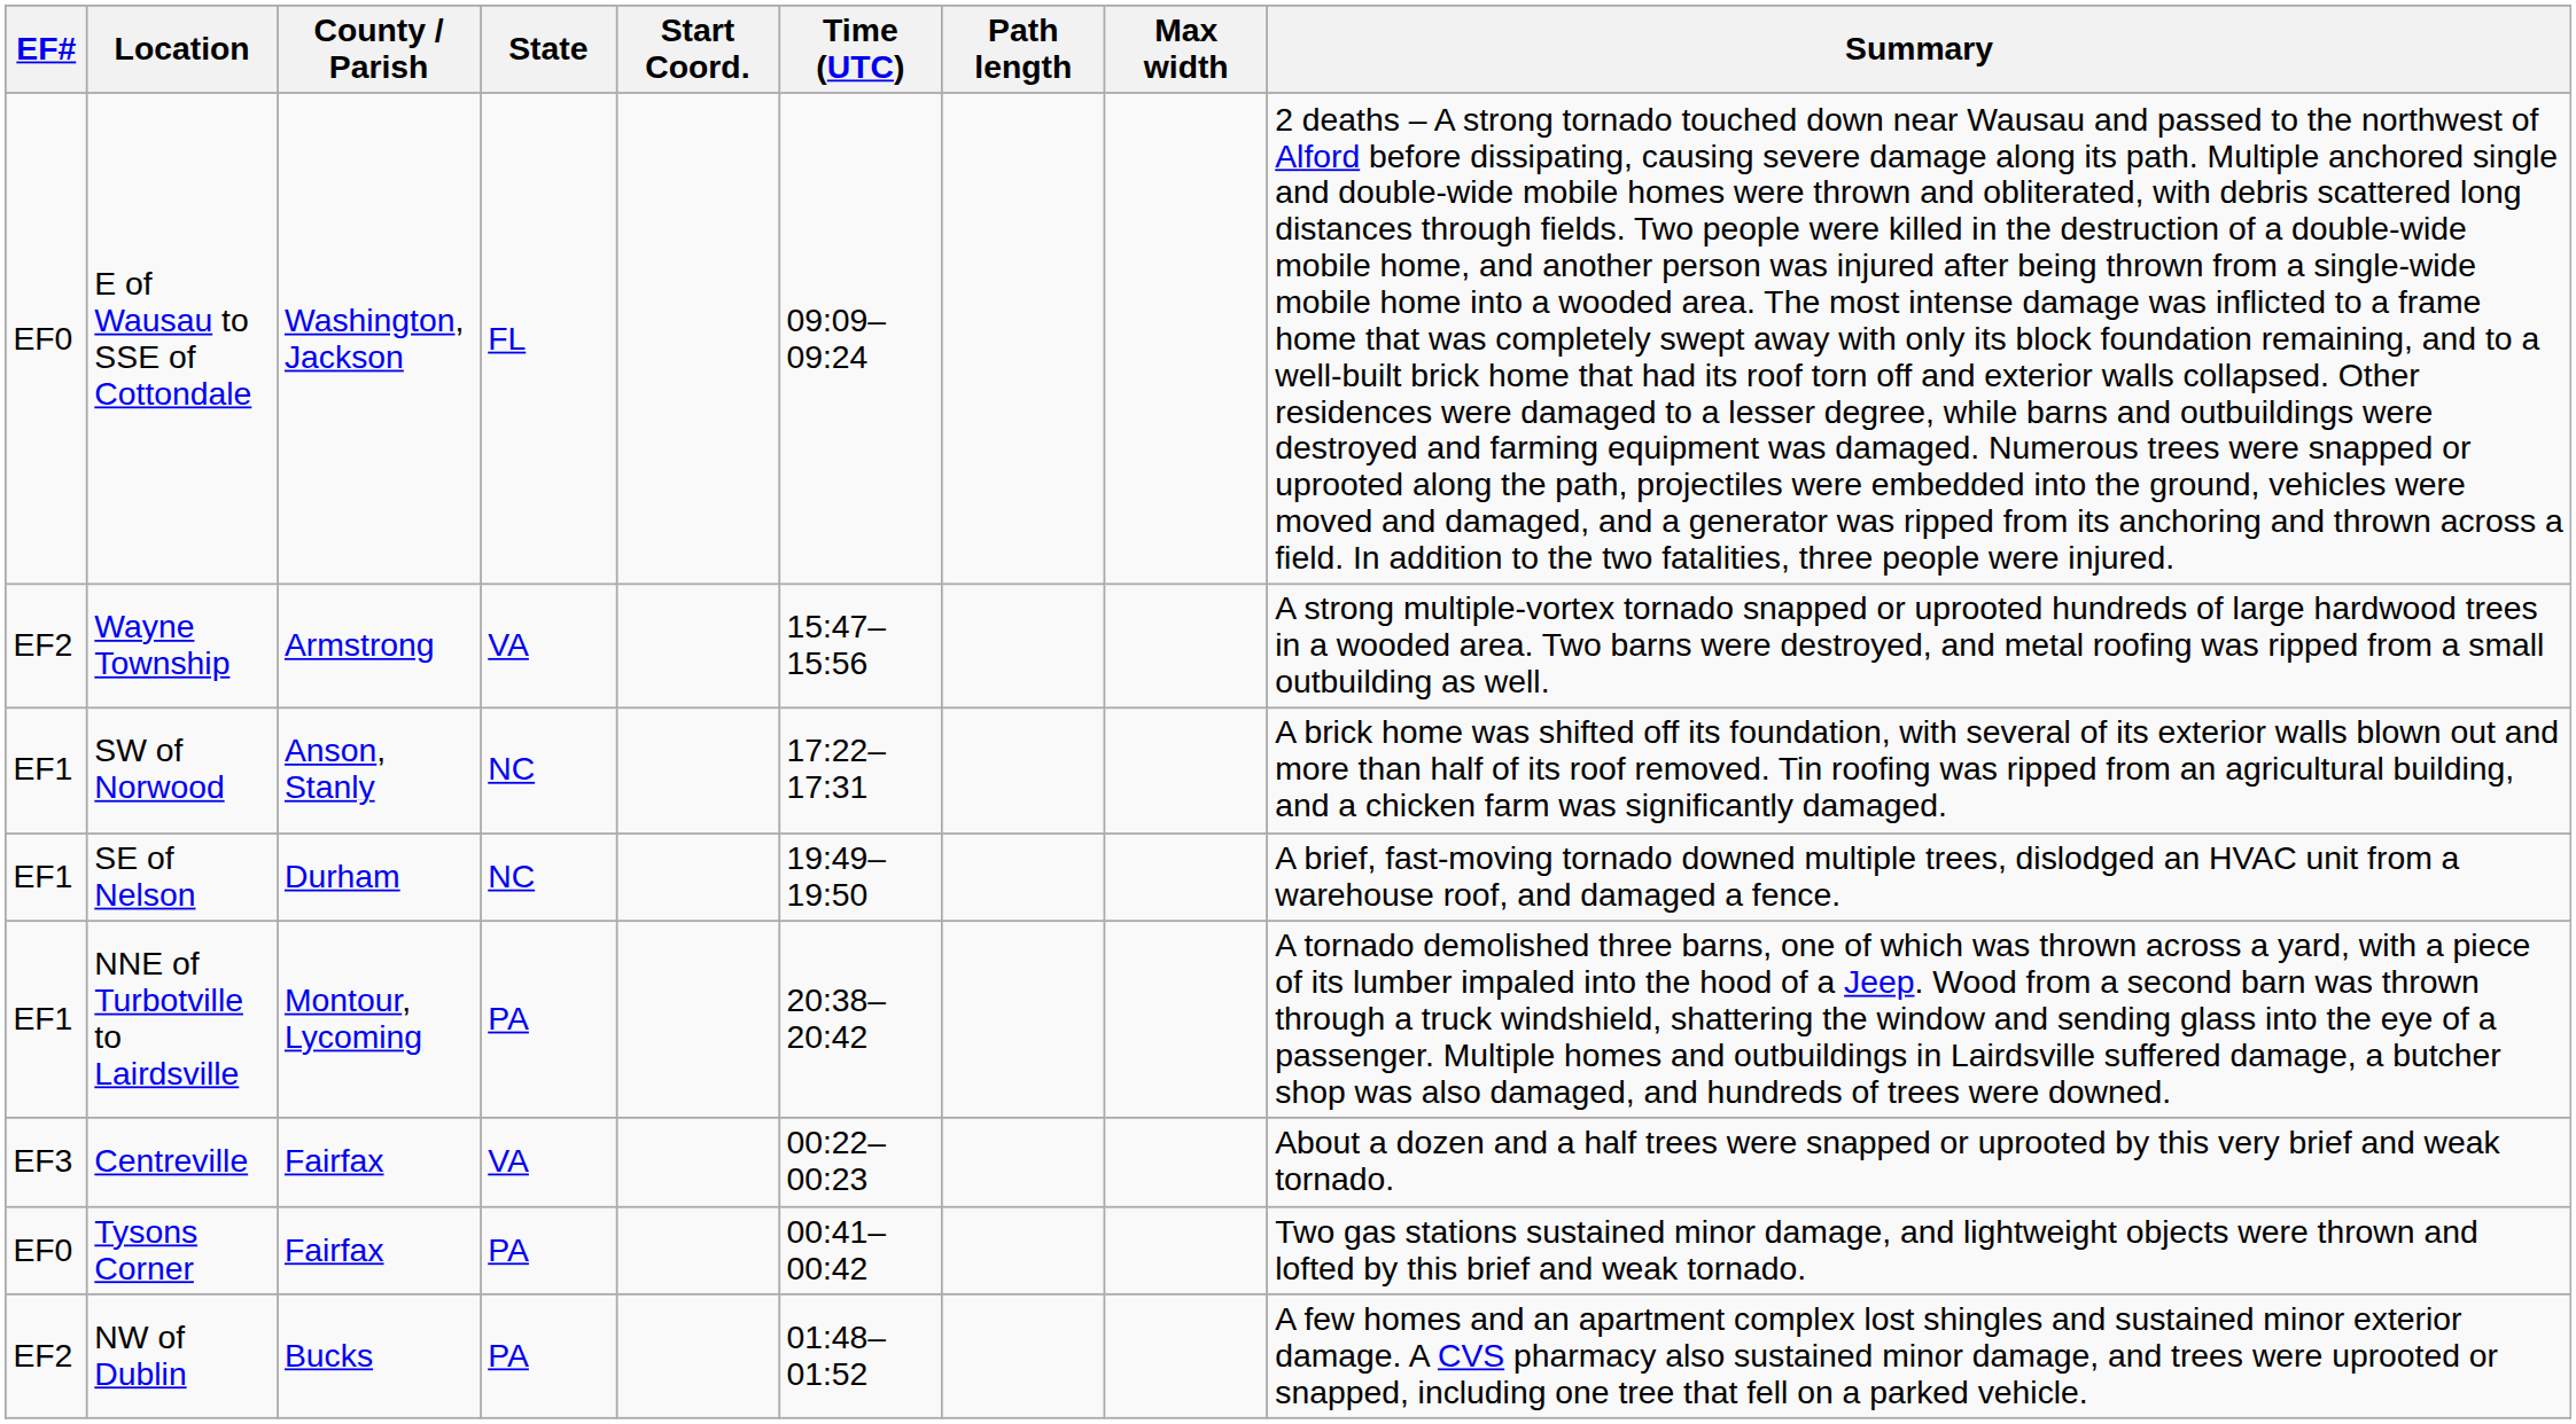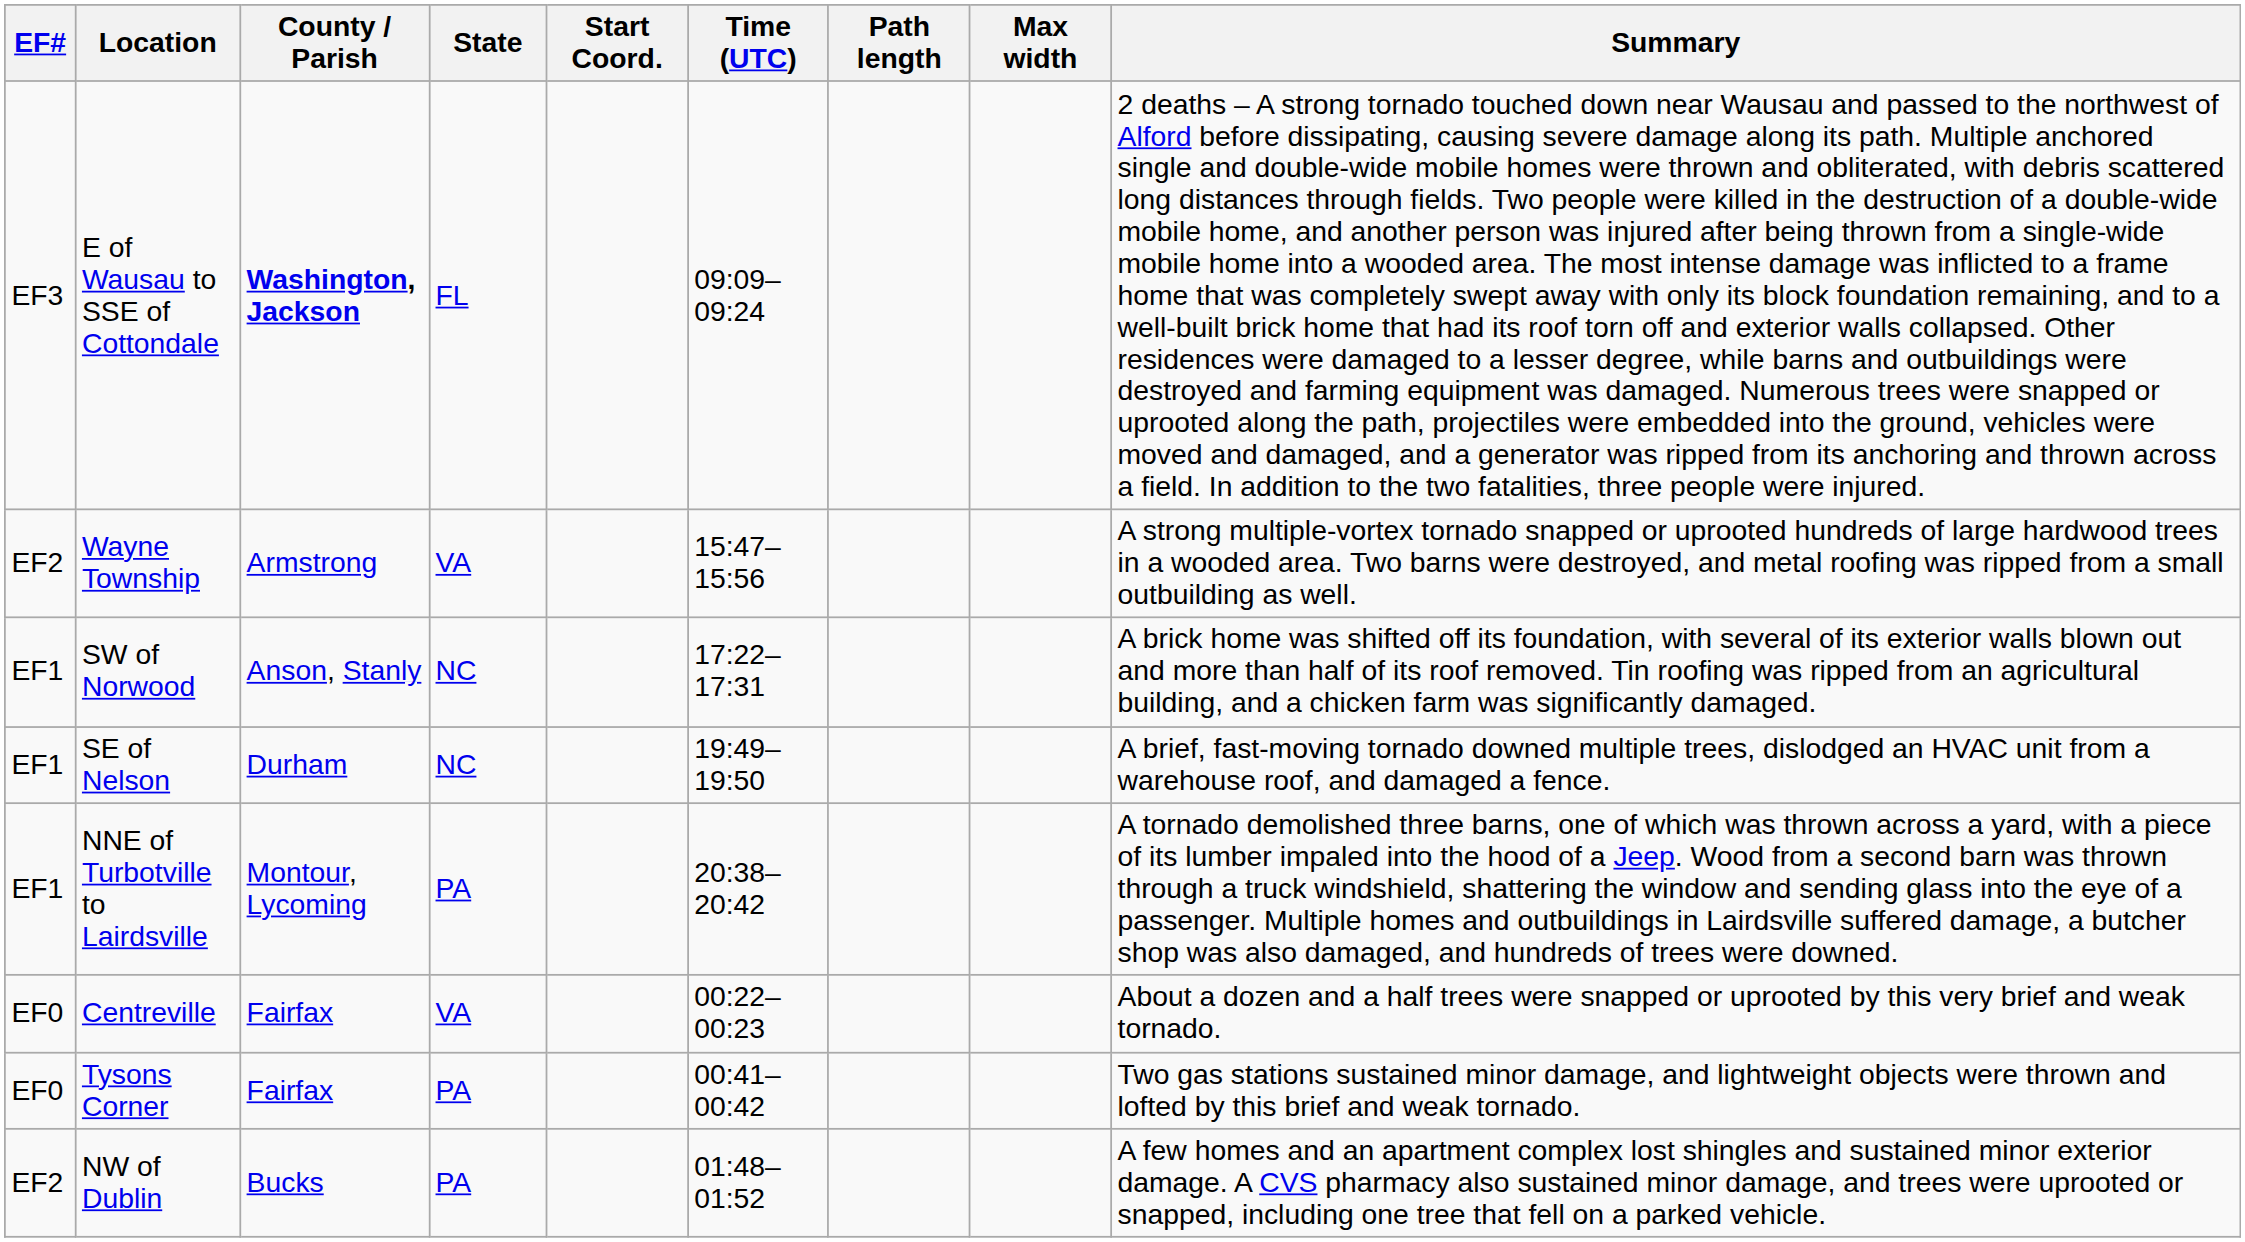 <table class="wikitable sortable" style="width:100%;">
 <tr>
 <th scope="col"  style="width:3%; text-align:center;"><a href='#'>EF#</a></th>
 <th scope="col"  style="width:7%; text-align:center;" class="unsortable">Location</th>
 <th scope="col"  style="width:6%; text-align:center;" class="unsortable">County / Parish</th>
 <th scope="col"  style="width:5%; text-align:center;">State</th>
 <th scope="col"  style="width:6%; text-align:center;">Start Coord.</th>
 <th scope="col"  style="width:6%; text-align:center;">Time (<a href='#'>UTC</a>)</th>
 <th scope="col"  style="width:6%; text-align:center;">Path length</th>
 <th scope="col"  style="width:6%; text-align:center;">Max width</th>
 <th scope="col" class="unsortable" style="width:48%; text-align:center;">Summary</th>
 </tr>
 <tr>
-<td>EF0</td>
+<td>EF3</td>
 <td>E of <a href='#'>Wausau</a> to SSE of <a href='#'>Cottondale</a></td>
-<td><a href='#'>Washington</a>, <a href='#'>Jackson</a></td>
+<td><strong><a href='#'>Washington</a>, <a href='#'>Jackson</a></strong></td>
 <td><a href='#'>FL</a></td>
 <td></td>
 <td>09:09–09:24</td>
 <td></td>
 <td></td>
 <td>2 deaths – A strong tornado touched down near Wausau and passed to the northwest of <a href='#'>Alford</a> before dissipating, causing severe damage along its path. Multiple anchored single and double-wide mobile homes were thrown and obliterated, with debris scattered long distances through fields. Two people were killed in the destruction of a double-wide mobile home, and another person was injured after being thrown from a single-wide mobile home into a wooded area. The most intense damage was inflicted to a frame home that was completely swept away with only its block foundation remaining, and to a well-built brick home that had its roof torn off and exterior walls collapsed. Other residences were damaged to a lesser degree, while barns and outbuildings were destroyed and farming equipment was damaged. Numerous trees were snapped or uprooted along the path, projectiles were embedded into the ground, vehicles were moved and damaged, and a generator was ripped from its anchoring and thrown across a field. In addition to the two fatalities, three people were injured.</td>
 </tr>
 <tr>
 <td>EF2</td>
 <td><a href='#'>Wayne Township</a></td>
 <td><a href='#'>Armstrong</a></td>
 <td><a href='#'>VA</a></td>
 <td></td>
 <td>15:47–15:56</td>
 <td></td>
 <td></td>
 <td>A strong multiple-vortex tornado snapped or uprooted hundreds of large hardwood trees in a wooded area. Two barns were destroyed, and metal roofing was ripped from a small outbuilding as well.</td>
 </tr>
 <tr>
 <td>EF1</td>
 <td>SW of <a href='#'>Norwood</a></td>
 <td><a href='#'>Anson</a>, <a href='#'>Stanly</a></td>
 <td><a href='#'>NC</a></td>
 <td></td>
 <td>17:22–17:31</td>
 <td></td>
 <td></td>
 <td>A brick home was shifted off its foundation, with several of its exterior walls blown out and more than half of its roof removed. Tin roofing was ripped from an agricultural building, and a chicken farm was significantly damaged.</td>
 </tr>
 <tr>
 <td>EF1</td>
 <td>SE of <a href='#'>Nelson</a></td>
 <td><a href='#'>Durham</a></td>
 <td><a href='#'>NC</a></td>
 <td></td>
 <td>19:49–19:50</td>
 <td></td>
 <td></td>
 <td>A brief, fast-moving tornado downed multiple trees, dislodged an HVAC unit from a warehouse roof, and damaged a fence.</td>
 </tr>
 <tr>
 <td>EF1</td>
 <td>NNE of <a href='#'>Turbotville</a> to <a href='#'>Lairdsville</a></td>
 <td><a href='#'>Montour</a>, <a href='#'>Lycoming</a></td>
 <td><a href='#'>PA</a></td>
 <td></td>
 <td>20:38–20:42</td>
 <td></td>
 <td></td>
 <td>A tornado demolished three barns, one of which was thrown across a yard, with a piece of its lumber impaled into the hood of a <a href='#'>Jeep</a>. Wood from a second barn was thrown through a truck windshield, shattering the window and sending glass into the eye of a passenger. Multiple homes and outbuildings in Lairdsville suffered damage, a butcher shop was also damaged, and hundreds of trees were downed.</td>
 </tr>
 <tr>
-<td>EF3</td>
+<td>EF0</td>
 <td><a href='#'>Centreville</a></td>
 <td><a href='#'>Fairfax</a></td>
 <td><a href='#'>VA</a></td>
 <td></td>
 <td>00:22–00:23</td>
 <td></td>
 <td></td>
 <td>About a dozen and a half trees were snapped or uprooted by this very brief and weak tornado.</td>
 </tr>
 <tr>
 <td>EF0</td>
 <td><a href='#'>Tysons Corner</a></td>
 <td><a href='#'>Fairfax</a></td>
 <td><a href='#'>PA</a></td>
 <td></td>
 <td>00:41–00:42</td>
 <td></td>
 <td></td>
 <td>Two gas stations sustained minor damage, and lightweight objects were thrown and lofted by this brief and weak tornado.</td>
 </tr>
 <tr>
 <td>EF2</td>
 <td>NW of <a href='#'>Dublin</a></td>
 <td><a href='#'>Bucks</a></td>
 <td><a href='#'>PA</a></td>
 <td></td>
 <td>01:48–01:52</td>
 <td></td>
 <td></td>
 <td>A few homes and an apartment complex lost shingles and sustained minor exterior damage. A <a href='#'>CVS</a> pharmacy also sustained minor damage, and trees were uprooted or snapped, including one tree that fell on a parked vehicle.</td>
 </tr>
 </table>
